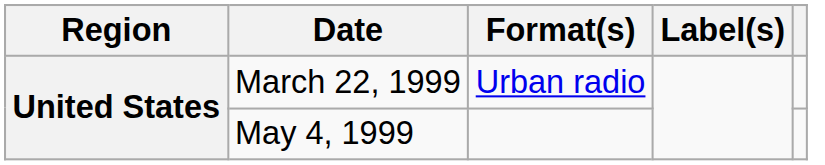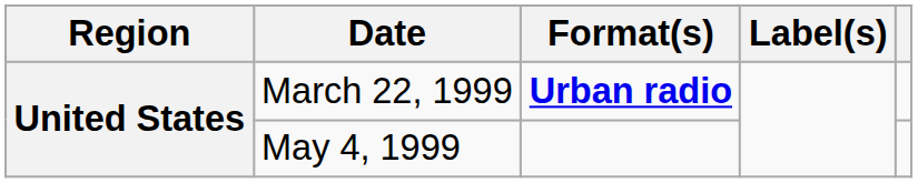 <table class="wikitable plainrowheaders">
 <tr>
 <th scope="col">Region</th>
 <th scope="col">Date</th>
 <th scope="col">Format(s)</th>
 <th scope="col">Label(s)</th>
 <th scope="col"></th>
 </tr>
 <tr>
 <th scope="row" rowspan="2">United States</th>
 <td>March 22, 1999</td>
-<td><a href='#'>Urban radio</a></td>
+<td><strong><a href='#'>Urban radio</a></strong></td>
 <td rowspan="2"></td>
 <td></td>
 </tr>
 <tr>
 <td>May 4, 1999</td>
 <td></td>
 <td></td>
 </tr>
 </table>
